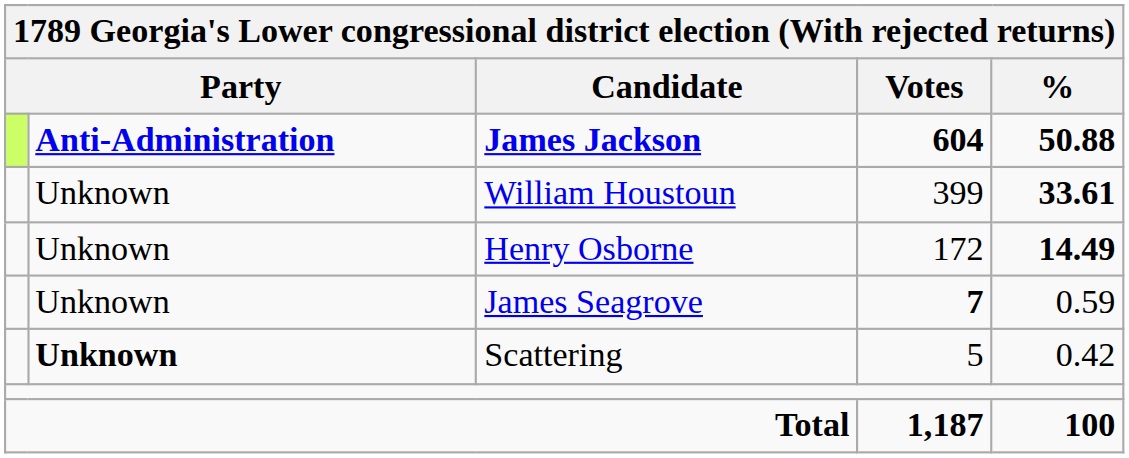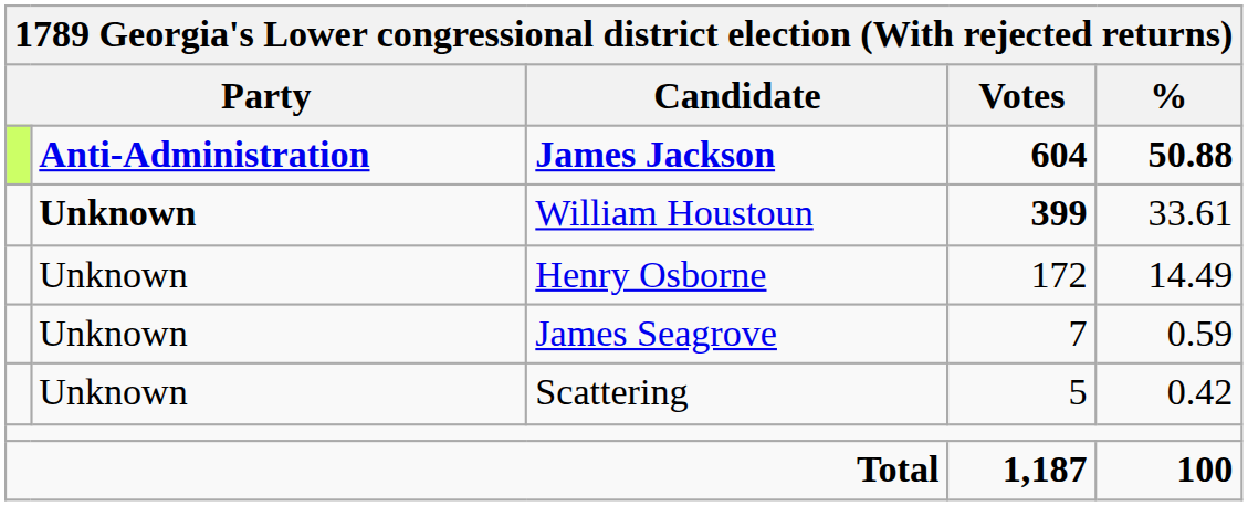 <table class=wikitable style=text-align:right>
 <tr>
 <th colspan="5">1789 Georgia's Lower congressional district election (With rejected returns)</th>
 </tr>
 <tr>
 <th colspan=2>Party</th>
 <th>Candidate</th>
 <th>Votes</th>
 <th>%</th>
 </tr>
 <tr>
 <td bgcolor=#CCFF66></td>
 <td align=left><strong><a href='#'>Anti-Administration</a></strong></td>
 <td align=left><strong><a href='#'>James Jackson</a></strong></td>
 <td><strong>604</strong></td>
 <td><strong>50.88</strong></td>
 </tr>
 <tr>
 <td></td>
-<td align=left>Unknown</td>
+<td align=left><strong>Unknown</strong></td>
 <td align=left><a href='#'>William Houstoun</a></td>
-<td>399</td>
-<td><strong>33.61</strong></td>
+<td><strong>399</strong></td>
+<td>33.61</td>
 </tr>
 <tr>
 <td></td>
 <td align=left>Unknown</td>
 <td align=left><a href='#'>Henry Osborne</a></td>
 <td>172</td>
-<td><strong>14.49</strong></td>
+<td>14.49</td>
 </tr>
 <tr>
 <td></td>
 <td align=left>Unknown</td>
 <td align=left><a href='#'>James Seagrove</a></td>
-<td><strong>7</strong></td>
+<td>7</td>
 <td>0.59</td>
 </tr>
 <tr>
 <td></td>
-<td align=left><strong>Unknown</strong></td>
+<td align=left>Unknown</td>
 <td align=left>Scattering</td>
 <td>5</td>
 <td>0.42</td>
 </tr>
 <tr>
 <td colspan=12></td>
 </tr>
 <tr>
 <td colspan=3><strong>Total</strong></td>
 <td><strong>1,187</strong></td>
 <td><strong>100</strong></td>
 </tr>
 </table>
